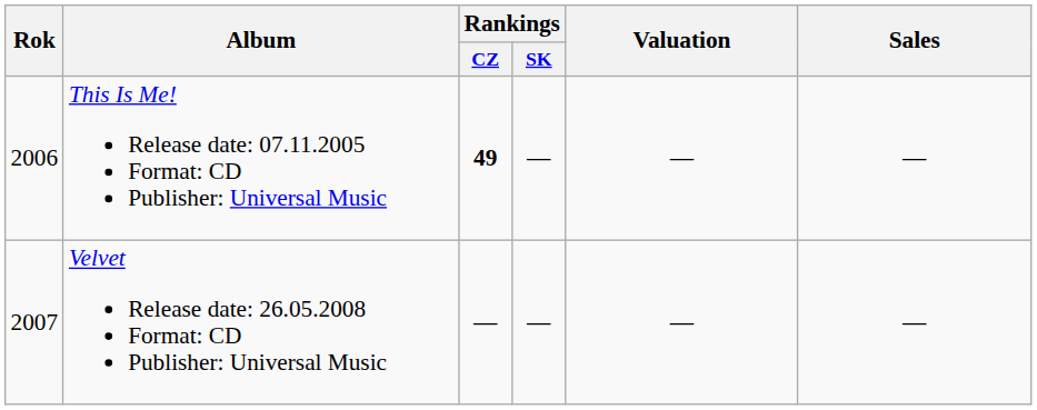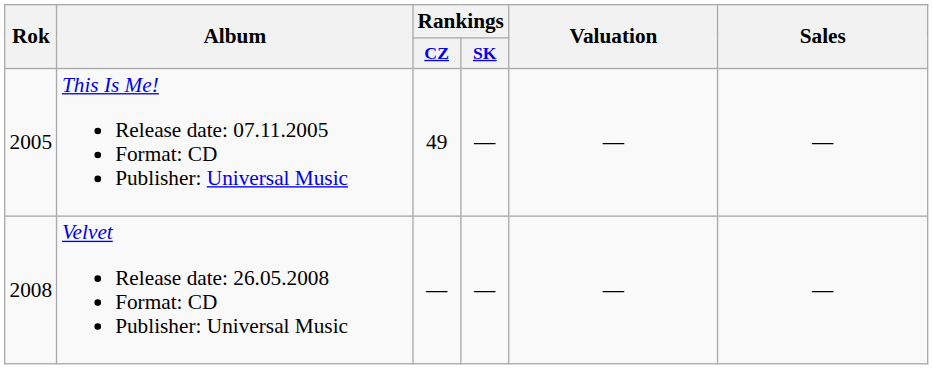 <table class="wikitable" style="text-align:center;">
 <tr>
 <th rowspan="2" width="20">Rok</th>
 <th rowspan="2" width="260">Album</th>
 <th colspan="2"><strong>Rankings</strong></th>
 <th rowspan="2" width="150">Valuation</th>
 <th rowspan="2" width="150">Sales</th>
 </tr>
 <tr style="font-size:smaller;">
 <th width="25"><a href='#'>CZ</a></th>
 <th width="25"><a href='#'>SK</a></th>
 </tr>
 <tr>
-<td>2006</td>
+<td>2005</td>
 <td align="left"><em><a href='#'>This Is Me!</a></em><br><ul><li>Release date: 07.11.2005</li><li>Format: CD</li><li>Publisher: <a href='#'>Universal Music</a></li></ul></td>
-<td><strong>49</strong></td>
+<td>49</td>
 <td>—</td>
 <td>—</td>
 <td>—</td>
 </tr>
 <tr>
-<td>2007</td>
+<td>2008</td>
 <td align="left"><em><a href='#'>Velvet</a></em><br><ul><li>Release date: 26.05.2008</li><li>Format: CD</li><li>Publisher: Universal Music</li></ul></td>
 <td>—</td>
 <td>—</td>
 <td>—</td>
 <td>—</td>
 </tr>
 </table>
